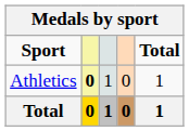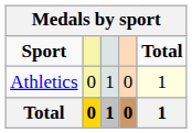 <table class="wikitable" style="font-size:85%; float:right;">
 <tr style="background:#efefef;">
 <th colspan=7><strong>Medals by sport</strong></th>
 </tr>
 <tr align=center>
 <td><strong>Sport</strong></td>
 <td style="background:#f7f6a8;"></td>
 <td style="background:#dce5e5;"></td>
 <td style="background:#ffdab9;"></td>
 <td><strong>Total</strong></td>
 </tr>
 <tr align=center>
 <td><a href='#'>Athletics</a></td>
-<td style="background:#f7f6a8;"><strong>0</strong></td>
+<td style="background:#f7f6a8;">0</td>
 <td style="background:#dce5e5;">1</td>
 <td style="background:#ffdab9;">0</td>
-<td>1</td>
+<td style="background: lightyellow;">1</td>
 </tr>
 <tr align=center>
 <th><strong>Total</strong></th>
 <th style="background:gold;"><strong>0</strong></th>
 <th style="background:silver;"><strong>1</strong></th>
 <th style="background:#c96;"><strong>0</strong></th>
 <th><strong>1</strong></th>
 </tr>
 </table>
